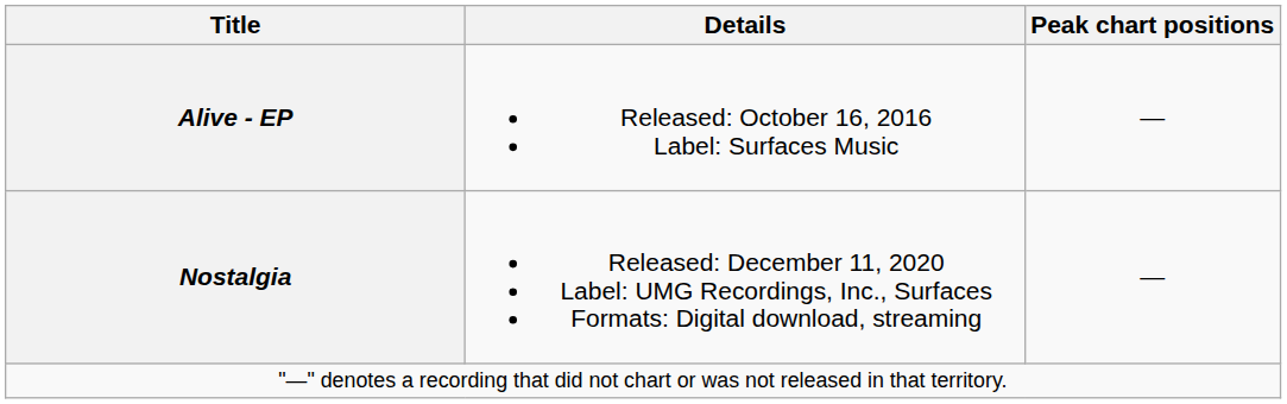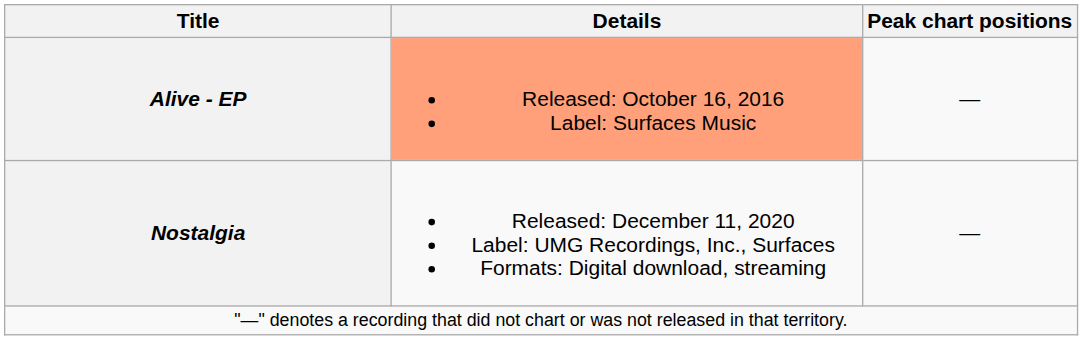 <table class="wikitable plainrowheaders" style="text-align:center;">
 <tr>
 <th scope="col" style="width:18em;">Title</th>
 <th scope="col" style="width:22em;">Details</th>
 <th scope="col">Peak chart positions</th>
 </tr>
 <tr>
 <th scope="row"><em>Alive - EP</em></th>
-<td><br><ul><li>Released: October 16, 2016</li><li>Label: Surfaces Music</li></ul></td>
+<td style="background: lightsalmon;"><br><ul><li>Released: October 16, 2016</li><li>Label: Surfaces Music</li></ul></td>
 <td>—</td>
 </tr>
 <tr>
 <th scope="row"><em>Nostalgia</em></th>
 <td><br><ul><li>Released: December 11, 2020</li><li>Label: UMG Recordings, Inc., Surfaces</li><li>Formats: Digital download, streaming</li></ul></td>
 <td>—</td>
 </tr>
 <tr>
 <td colspan="12" style="font-size:85%">"—" denotes a recording that did not chart or was not released in that territory.</td>
 </tr>
 </table>
